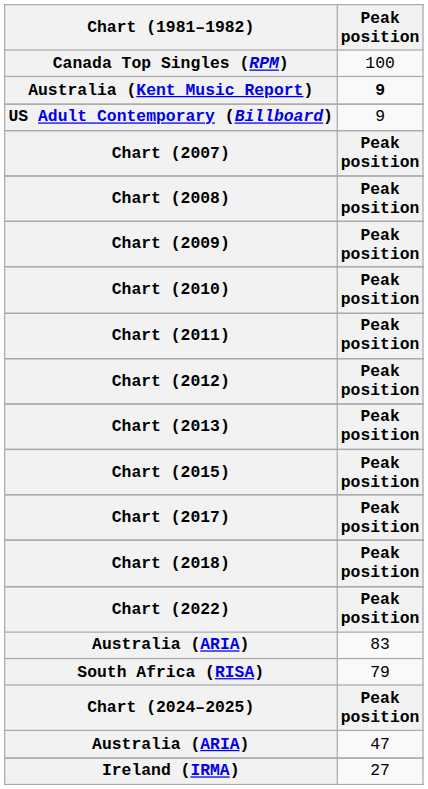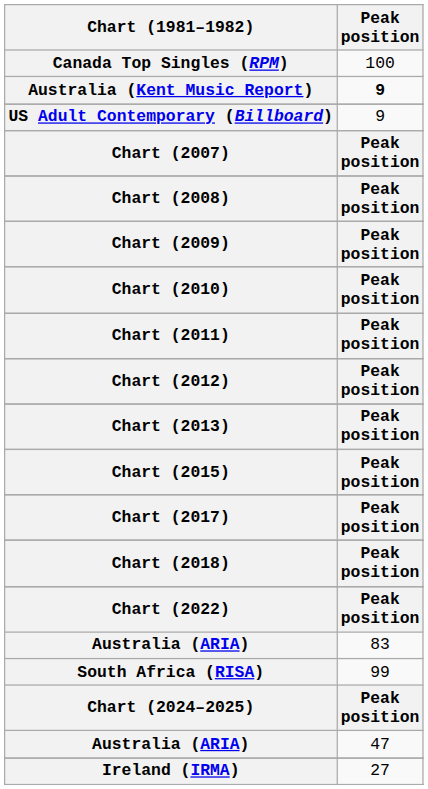 <table class="wikitable sortable plainrowheaders" style="text-align:center">
 <tr>
 <th scope="col">Chart (1981–1982)</th>
 <th scope="col">Peak<br>position</th>
 </tr>
 <tr>
 <th scope="row">Canada Top Singles (<em><a href='#'>RPM</a></em>)</th>
 <td>100</td>
 </tr>
 <tr>
 <th scope="row">Australia (<a href='#'>Kent Music Report</a>)</th>
 <td><strong>9</strong></td>
 </tr>
 <tr>
 </tr>
 <tr>
 </tr>
 <tr>
 </tr>
 <tr>
 <th scope="row">US <a href='#'>Adult Contemporary</a> (<em><a href='#'>Billboard</a></em>)</th>
 <td>9</td>
 </tr>
 <tr>
 </tr>
 <tr>
 <th scope="col">Chart (2007)</th>
 <th scope="col">Peak<br>position</th>
 </tr>
 <tr>
 </tr>
 <tr>
 </tr>
 <tr>
 <th scope="col">Chart (2008)</th>
 <th scope="col">Peak<br>position</th>
 </tr>
 <tr>
 </tr>
 <tr>
 <th scope="col">Chart (2009)</th>
 <th scope="col">Peak<br>position</th>
 </tr>
 <tr>
 </tr>
 <tr>
 <th scope="col">Chart (2010)</th>
 <th scope="col">Peak<br>position</th>
 </tr>
 <tr>
 </tr>
 <tr>
 </tr>
 <tr>
 </tr>
 <tr>
 <th scope="col">Chart (2011)</th>
 <th scope="col">Peak<br>position</th>
 </tr>
 <tr>
 </tr>
 <tr>
 <th scope="col">Chart (2012)</th>
 <th scope="col">Peak<br>position</th>
 </tr>
 <tr>
 </tr>
 <tr>
 <th scope="col">Chart (2013)</th>
 <th scope="col">Peak<br>position</th>
 </tr>
 <tr>
 </tr>
 <tr>
 </tr>
 <tr>
 <th scope="col">Chart (2015)</th>
 <th scope="col">Peak<br>position</th>
 </tr>
 <tr>
 </tr>
 <tr>
 <th scope="col">Chart (2017)</th>
 <th scope="col">Peak<br>position</th>
 </tr>
 <tr>
 </tr>
 <tr>
 <th scope="col">Chart (2018)</th>
 <th scope="col">Peak<br>position</th>
 </tr>
 <tr>
 </tr>
 <tr>
 <th scope="col">Chart (2022)</th>
 <th scope="col">Peak<br>position</th>
 </tr>
 <tr>
 <th scope="row">Australia (<a href='#'>ARIA</a>)</th>
 <td style="text-align:center;">83</td>
 </tr>
 <tr>
 <th scope="row">South Africa (<a href='#'>RISA</a>)</th>
-<td style="text-align:center;">79</td>
+<td style="text-align:center;">99</td>
 </tr>
 <tr>
 <th scope="col">Chart (2024–2025)</th>
 <th scope="col">Peak<br>position</th>
 </tr>
 <tr>
 <th scope="row">Australia (<a href='#'>ARIA</a>)</th>
 <td style="text-align:center;">47</td>
 </tr>
 <tr>
 </tr>
 <tr>
 </tr>
 <tr>
 </tr>
 <tr>
 </tr>
 <tr>
 <th scope="row">Ireland (<a href='#'>IRMA</a>)</th>
 <td>27</td>
 </tr>
 <tr>
 </tr>
 <tr>
 </tr>
 </table>
